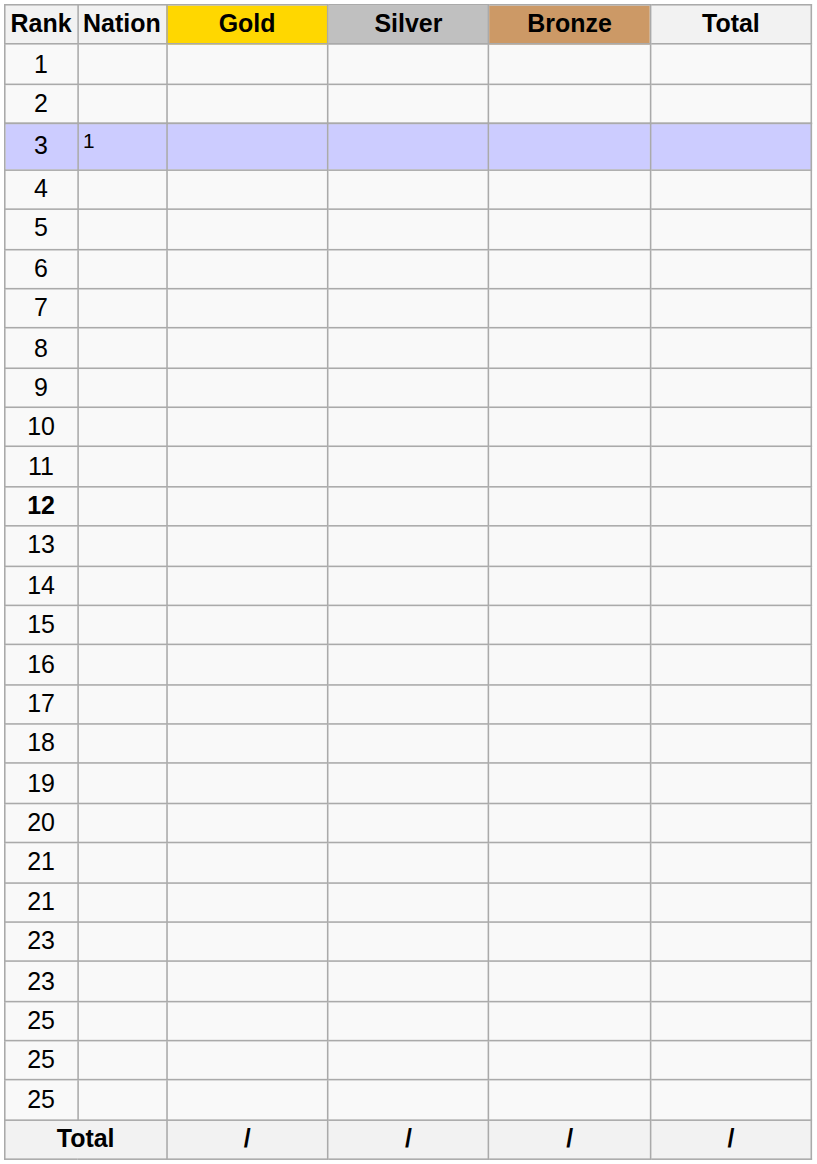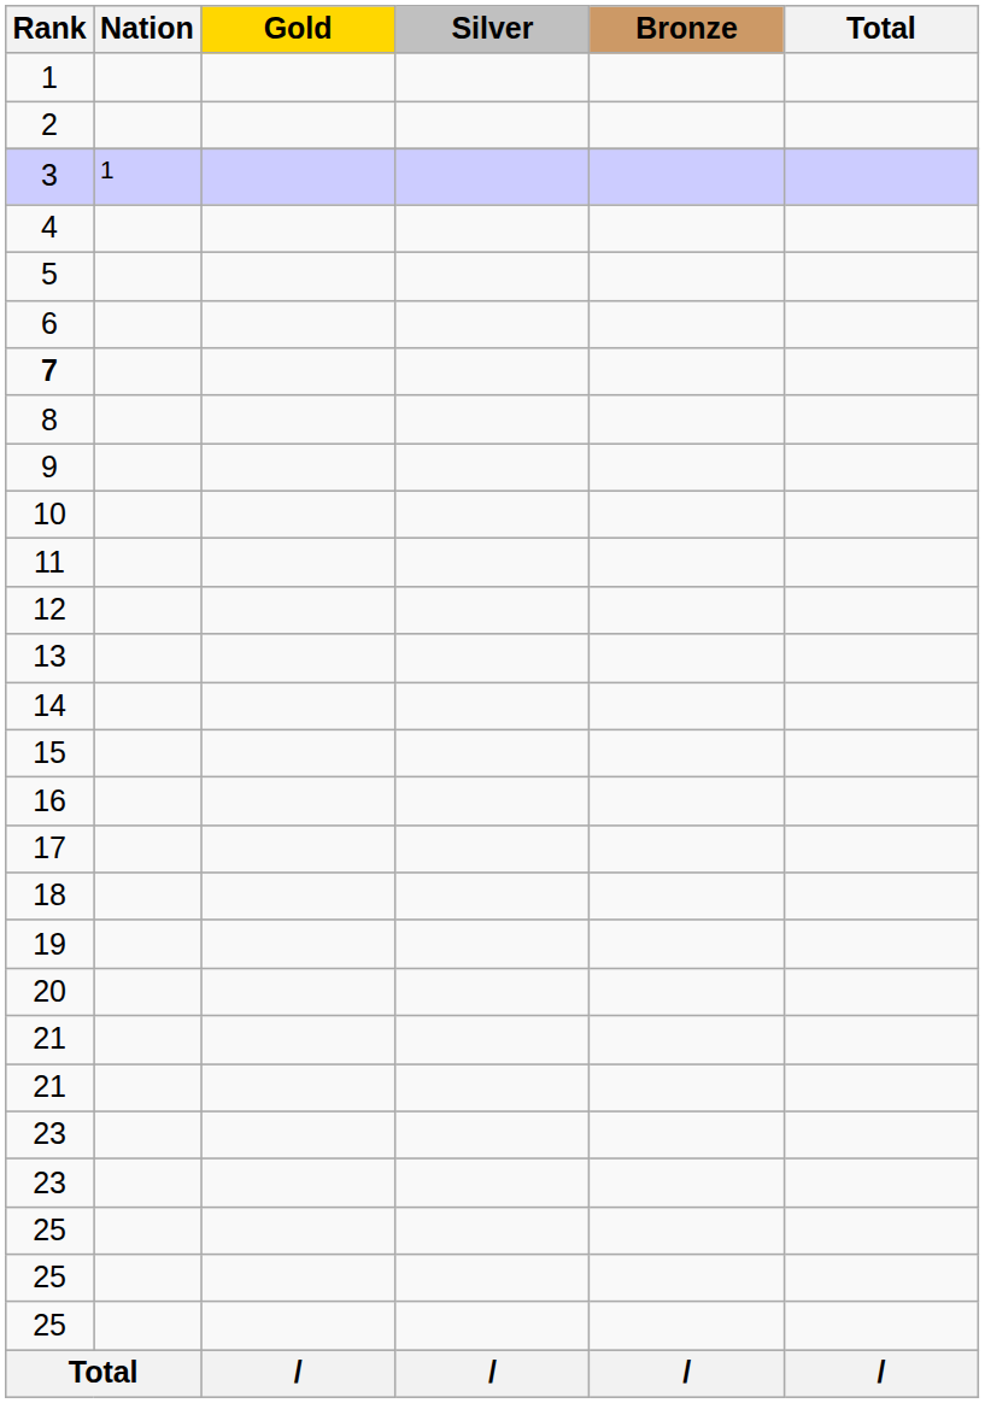 <table class="wikitable sortable plainrowheaders" style="text-align: center">
 <tr>
 <th scope="col">Rank</th>
 <th scope="col">Nation</th>
 <th scope="col" style="background-color:gold; width:6em;">Gold</th>
 <th scope="col" style="background-color:silver; width:6em;">Silver</th>
 <th scope="col" style="background-color:#cc9966; width:6em;">Bronze</th>
 <th scope="col" style="width:6em;">Total</th>
 </tr>
 <tr>
 <td>1</td>
 <td align=left></td>
 <td></td>
 <td></td>
 <td></td>
 <td></td>
 </tr>
 <tr>
 <td>2</td>
 <td align=left> </td>
 <td></td>
 <td></td>
 <td></td>
 <td></td>
 </tr>
 <tr>
 </tr>
 <tr style="background-color:#ccccff">
 <td>3</td>
 <td align=left> <sup>1</sup></td>
 <td></td>
 <td></td>
 <td></td>
 <td></td>
 </tr>
 <tr>
 <td>4</td>
 <td align=left></td>
 <td></td>
 <td></td>
 <td></td>
 <td></td>
 </tr>
 <tr>
 <td>5</td>
 <td align=left></td>
 <td></td>
 <td></td>
 <td></td>
 <td></td>
 </tr>
 <tr>
 <td>6</td>
 <td align=left></td>
 <td></td>
 <td></td>
 <td></td>
 <td></td>
 </tr>
 <tr>
-<td>7</td>
+<td><strong>7</strong></td>
 <td align=left></td>
 <td></td>
 <td></td>
 <td></td>
 <td></td>
 </tr>
 <tr>
 <td>8</td>
 <td align=left></td>
 <td></td>
 <td></td>
 <td></td>
 <td></td>
 </tr>
 <tr>
 <td>9</td>
 <td align=left></td>
 <td></td>
 <td></td>
 <td></td>
 <td></td>
 </tr>
 <tr>
 <td>10</td>
 <td align=left></td>
 <td></td>
 <td></td>
 <td></td>
 <td></td>
 </tr>
 <tr>
 <td>11</td>
 <td align=left></td>
 <td></td>
 <td></td>
 <td></td>
 <td></td>
 </tr>
 <tr>
-<td><strong>12</strong></td>
+<td>12</td>
 <td align=left></td>
 <td></td>
 <td></td>
 <td></td>
 <td></td>
 </tr>
 <tr>
 <td>13</td>
 <td align=left></td>
 <td></td>
 <td></td>
 <td></td>
 <td></td>
 </tr>
 <tr>
 <td>14</td>
 <td align=left></td>
 <td></td>
 <td></td>
 <td></td>
 <td></td>
 </tr>
 <tr>
 <td>15</td>
 <td align=left></td>
 <td></td>
 <td></td>
 <td></td>
 <td></td>
 </tr>
 <tr>
 <td>16</td>
 <td align=left></td>
 <td></td>
 <td></td>
 <td></td>
 <td></td>
 </tr>
 <tr>
 <td>17</td>
 <td align=left></td>
 <td></td>
 <td></td>
 <td></td>
 <td></td>
 </tr>
 <tr>
 <td>18</td>
 <td align=left></td>
 <td></td>
 <td></td>
 <td></td>
 <td></td>
 </tr>
 <tr>
 <td>19</td>
 <td align=left></td>
 <td></td>
 <td></td>
 <td></td>
 <td></td>
 </tr>
 <tr>
 <td>20</td>
 <td align=left></td>
 <td></td>
 <td></td>
 <td></td>
 <td></td>
 </tr>
 <tr>
 <td>21</td>
 <td align=left></td>
 <td></td>
 <td></td>
 <td></td>
 <td></td>
 </tr>
 <tr>
 <td>21</td>
 <td align=left></td>
 <td></td>
 <td></td>
 <td></td>
 <td></td>
 </tr>
 <tr>
 <td>23</td>
 <td align=left></td>
 <td></td>
 <td></td>
 <td></td>
 <td></td>
 </tr>
 <tr>
 <td>23</td>
 <td align=left></td>
 <td></td>
 <td></td>
 <td></td>
 <td></td>
 </tr>
 <tr>
 <td>25</td>
 <td align=left></td>
 <td></td>
 <td></td>
 <td></td>
 <td></td>
 </tr>
 <tr>
 <td>25</td>
 <td align=left></td>
 <td></td>
 <td></td>
 <td></td>
 <td></td>
 </tr>
 <tr>
 <td>25</td>
 <td align=left></td>
 <td></td>
 <td></td>
 <td></td>
 <td></td>
 </tr>
 <tr class="sortbottom">
 <th colspan=2>Total </th>
 <th>/</th>
 <th>/</th>
 <th>/</th>
 <th>/</th>
 </tr>
 </table>
